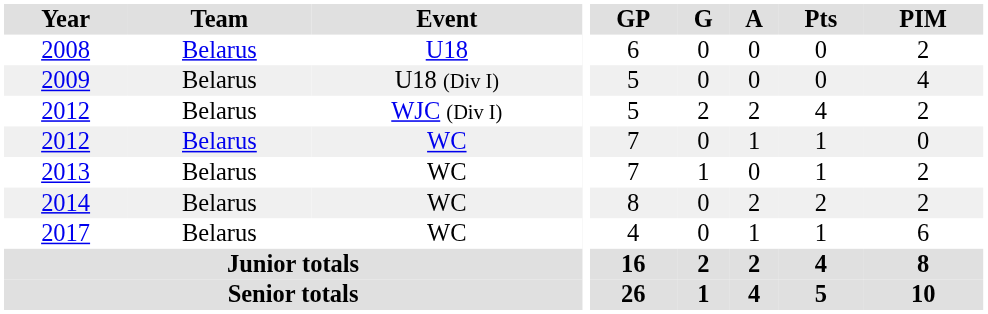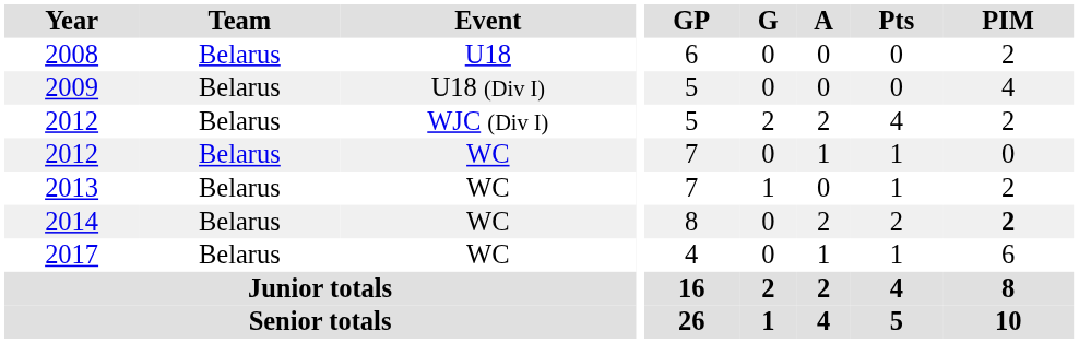 <table border="0" cellpadding="1" cellspacing="0" ID="Table3" style="text-align:center; width:40em">
 <tr ALIGN="center" bgcolor="#e0e0e0">
 <th>Year</th>
 <th>Team</th>
 <th>Event</th>
 <th rowspan="99" bgcolor="#ffffff"></th>
 <th>GP</th>
 <th>G</th>
 <th>A</th>
 <th>Pts</th>
 <th>PIM</th>
 </tr>
 <tr>
 <td><a href='#'>2008</a></td>
 <td><a href='#'>Belarus</a></td>
 <td><a href='#'>U18</a></td>
 <td>6</td>
 <td>0</td>
 <td>0</td>
 <td>0</td>
 <td>2</td>
 </tr>
 <tr bgcolor="#f0f0f0">
 <td><a href='#'>2009</a></td>
 <td>Belarus</td>
 <td>U18 <small>(Div I)</small></td>
 <td>5</td>
 <td>0</td>
 <td>0</td>
 <td>0</td>
 <td>4</td>
 </tr>
 <tr>
 <td><a href='#'>2012</a></td>
 <td>Belarus</td>
 <td><a href='#'>WJC</a> <small>(Div I)</small></td>
 <td>5</td>
 <td>2</td>
 <td>2</td>
 <td>4</td>
 <td>2</td>
 </tr>
 <tr bgcolor="#f0f0f0">
 <td><a href='#'>2012</a></td>
 <td><a href='#'>Belarus</a></td>
 <td><a href='#'>WC</a></td>
 <td>7</td>
 <td>0</td>
 <td>1</td>
 <td>1</td>
 <td>0</td>
 </tr>
 <tr>
 <td><a href='#'>2013</a></td>
 <td>Belarus</td>
 <td>WC</td>
 <td>7</td>
 <td>1</td>
 <td>0</td>
 <td>1</td>
 <td>2</td>
 </tr>
 <tr bgcolor="#f0f0f0">
 <td><a href='#'>2014</a></td>
 <td>Belarus</td>
 <td>WC</td>
 <td>8</td>
 <td>0</td>
 <td>2</td>
 <td>2</td>
-<td>2</td>
+<td><strong>2</strong></td>
 </tr>
 <tr>
 <td><a href='#'>2017</a></td>
 <td>Belarus</td>
 <td>WC</td>
 <td>4</td>
 <td>0</td>
 <td>1</td>
 <td>1</td>
 <td>6</td>
 </tr>
 <tr bgcolor=#e0e0e0>
 <th colspan="3">Junior totals</th>
 <th>16</th>
 <th>2</th>
 <th>2</th>
 <th>4</th>
 <th>8</th>
 </tr>
 <tr bgcolor="#e0e0e0">
 <th colspan=3>Senior totals</th>
 <th>26</th>
 <th>1</th>
 <th>4</th>
 <th>5</th>
 <th>10</th>
 </tr>
 </table>
